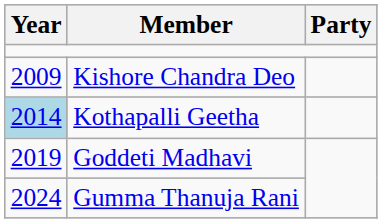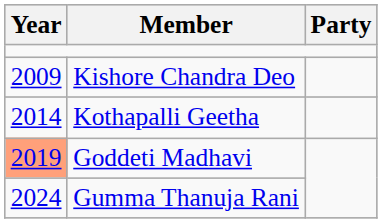 <table class="wikitable sortable">
 <tr>
 <th>Year</th>
 <th>Member</th>
 <th colspan="2">Party</th>
 </tr>
 <tr>
 <td colspan="4"></td>
 </tr>
 <tr>
 <td><a href='#'>2009</a></td>
 <td><a href='#'>Kishore Chandra Deo</a></td>
 <td></td>
 </tr>
 <tr>
-<td style="background: lightblue;"><a href='#'>2014</a></td>
+<td><a href='#'>2014</a></td>
 <td><a href='#'>Kothapalli Geetha</a></td>
 <td></td>
 </tr>
 <tr>
-<td><a href='#'>2019</a></td>
+<td style="background: lightsalmon;"><a href='#'>2019</a></td>
 <td><a href='#'>Goddeti Madhavi</a></td>
 </tr>
 <tr>
 <td><a href='#'>2024</a></td>
 <td><a href='#'>Gumma Thanuja Rani</a></td>
 </tr>
 </table>
